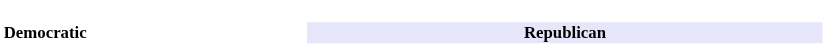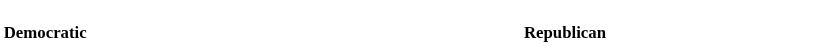 <table style="width:50%; text-align:center">
 <tr style="color:white">
 <td style="background:"><strong>102</strong><br></td>
 <td style="background:"><strong>101</strong></td>
 </tr>
 <tr>
 <td style="color:"><strong>Democratic</strong><br> </td>
-<td style="background: lavender; color:"><strong>Republican</strong></td>
+<td style="color:"><strong>Republican</strong></td>
 </tr>
 </table>
